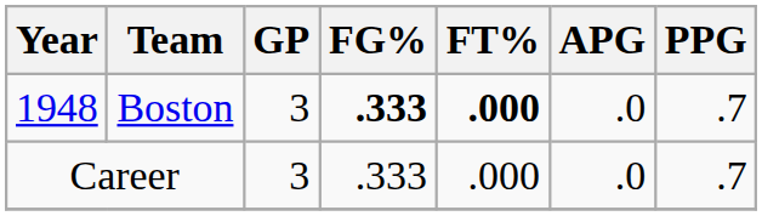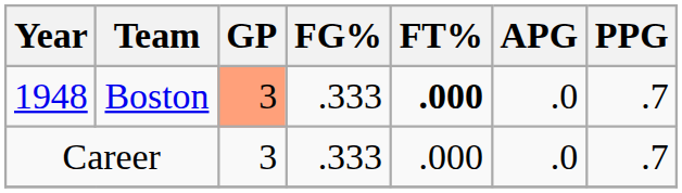 <table class="wikitable sortable" style="font-size:95%; text-align:right;">
 <tr>
 <th>Year</th>
 <th>Team</th>
 <th>GP</th>
 <th>FG%</th>
 <th>FT%</th>
 <th>APG</th>
 <th>PPG</th>
 </tr>
 <tr>
 <td style="text-align:left;"><a href='#'>1948</a></td>
 <td style="text-align:left;"><a href='#'>Boston</a></td>
-<td>3</td>
-<td><strong>.333</strong></td>
+<td style="background: lightsalmon;">3</td>
+<td>.333</td>
 <td><strong>.000</strong></td>
 <td>.0</td>
 <td>.7</td>
 </tr>
 <tr>
 <td style="text-align:center;" colspan="2">Career</td>
 <td>3</td>
 <td>.333</td>
 <td>.000</td>
 <td>.0</td>
 <td>.7</td>
 </tr>
 <tr>
 </tr>
 </table>
